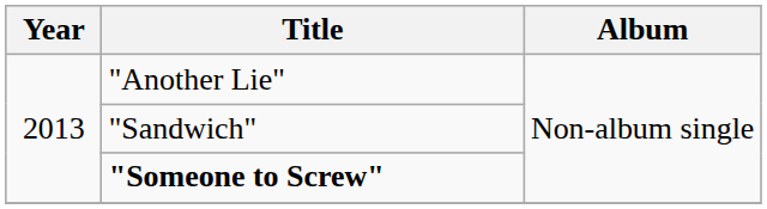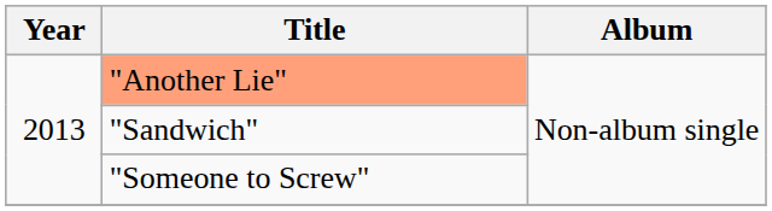 <table class="wikitable" style="text-align:center;">
 <tr>
 <th style="width:42px;">Year</th>
 <th style="width:210px;">Title</th>
 <th>Album</th>
 </tr>
 <tr>
 <td rowspan="3">2013</td>
-<td align="left">"Another Lie"</td>
+<td align="left" style="background: lightsalmon;">"Another Lie"</td>
 <td rowspan="3">Non-album single</td>
 </tr>
 <tr>
 <td align="left">"Sandwich"</td>
 </tr>
 <tr>
-<td align="left"><strong>"Someone to Screw"</strong></td>
+<td align="left">"Someone to Screw"</td>
 </tr>
 <tr>
 </tr>
 </table>
